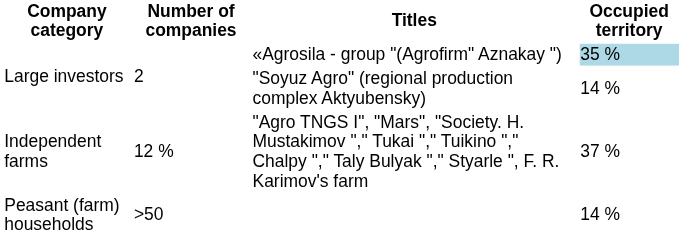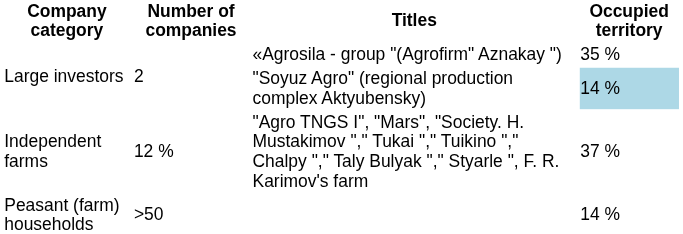 <table>
 <tr>
 <th>Company category</th>
 <th>Number of companies</th>
 <th>Titles</th>
 <th>Occupied territory</th>
 </tr>
 <tr>
 <td rowspan="2">Large investors</td>
 <td rowspan="2">2</td>
 <td>«Agrosila - group "(Agrofirm" Aznakay ")</td>
-<td style="background: lightblue;">35 %</td>
+<td>35 %</td>
 </tr>
 <tr>
 <td>"Soyuz Agro" (regional production complex Aktyubensky)</td>
-<td>14 %</td>
+<td style="background: lightblue;">14 %</td>
 </tr>
 <tr>
 <td>Independent farms</td>
 <td>12 %</td>
 <td>"Agro TNGS I", "Mars", "Society. H. Mustakimov "," Tukai "," Tuikino "," Chalpy "," Taly Bulyak "," Styarle ", F. R. Karimov's farm</td>
 <td>37 %</td>
 </tr>
 <tr>
 <td>Peasant (farm) households</td>
 <td>>50</td>
 <td></td>
 <td>14 %</td>
 </tr>
 </table>
